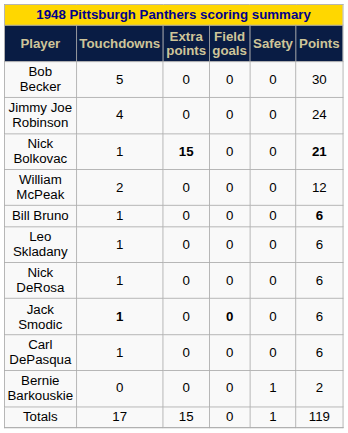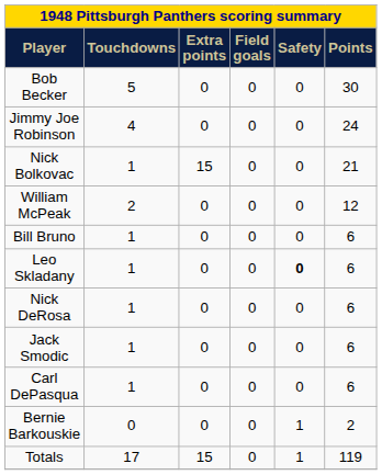 <table class="wikitable" width="35%">
 <tr>
 <th colspan="10" style="background:gold; color:darkblue; text-align: center;"><strong>1948 Pittsburgh Panthers scoring summary</strong></th>
 </tr>
 <tr align="center"  style="background:#091C44;color:#CEC499;">
 <td><strong>Player</strong></td>
 <td><strong>Touchdowns</strong></td>
 <td><strong>Extra points</strong></td>
 <td><strong>Field goals</strong></td>
 <td><strong>Safety</strong></td>
 <td><strong>Points</strong></td>
 </tr>
 <tr align="center" bgcolor="">
 <td>Bob Becker</td>
 <td>5</td>
 <td>0</td>
 <td>0</td>
 <td>0</td>
 <td>30</td>
 </tr>
 <tr align="center" bgcolor="">
 <td>Jimmy Joe Robinson</td>
 <td>4</td>
 <td>0</td>
 <td>0</td>
 <td>0</td>
 <td>24</td>
 </tr>
 <tr align="center" bgcolor="">
 <td>Nick Bolkovac</td>
 <td>1</td>
-<td><strong>15</strong></td>
+<td>15</td>
 <td>0</td>
 <td>0</td>
-<td><strong>21</strong></td>
+<td>21</td>
 </tr>
 <tr align="center" bgcolor="">
 <td>William McPeak</td>
 <td>2</td>
 <td>0</td>
 <td>0</td>
 <td>0</td>
 <td>12</td>
 </tr>
 <tr align="center" bgcolor="">
 <td>Bill Bruno</td>
 <td>1</td>
 <td>0</td>
 <td>0</td>
 <td>0</td>
-<td><strong>6</strong></td>
+<td>6</td>
 </tr>
 <tr align="center" bgcolor="">
 <td>Leo Skladany</td>
 <td>1</td>
 <td>0</td>
 <td>0</td>
-<td>0</td>
+<td><strong>0</strong></td>
 <td>6</td>
 </tr>
 <tr align="center" bgcolor="">
 <td>Nick DeRosa</td>
 <td>1</td>
 <td>0</td>
 <td>0</td>
 <td>0</td>
 <td>6</td>
 </tr>
 <tr align="center" bgcolor="">
 <td>Jack Smodic</td>
-<td><strong>1</strong></td>
+<td>1</td>
 <td>0</td>
-<td><strong>0</strong></td>
+<td>0</td>
 <td>0</td>
 <td>6</td>
 </tr>
 <tr align="center" bgcolor="">
 <td>Carl DePasqua</td>
 <td>1</td>
 <td>0</td>
 <td>0</td>
 <td>0</td>
 <td>6</td>
 </tr>
 <tr align="center" bgcolor="">
 <td>Bernie Barkouskie</td>
 <td>0</td>
 <td>0</td>
 <td>0</td>
 <td>1</td>
 <td>2</td>
 </tr>
 <tr align="center" bgcolor="">
 <td>Totals</td>
 <td>17</td>
 <td>15</td>
 <td>0</td>
 <td>1</td>
 <td>119</td>
 </tr>
 <tr align="center" bgcolor="">
 </tr>
 </table>
